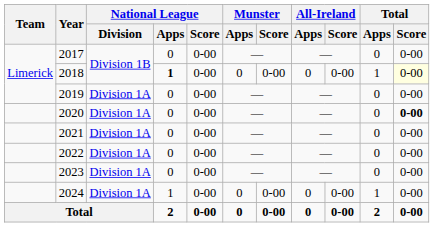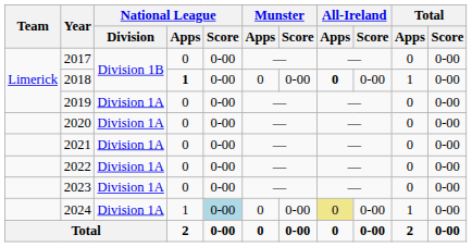 <table class="wikitable" style="text-align:center">
 <tr>
 <th rowspan="2">Team</th>
 <th rowspan="2">Year</th>
 <th colspan="3"><a href='#'>National League</a></th>
 <th colspan="2"><a href='#'>Munster</a></th>
 <th colspan="2"><a href='#'>All-Ireland</a></th>
 <th colspan="2">Total</th>
 </tr>
 <tr>
 <th>Division</th>
 <th>Apps</th>
 <th>Score</th>
 <th>Apps</th>
 <th>Score</th>
 <th>Apps</th>
 <th>Score</th>
 <th>Apps</th>
 <th>Score</th>
 </tr>
 <tr>
 <td rowspan="3"><a href='#'>Limerick</a></td>
 <td>2017</td>
 <td rowspan="2"><a href='#'>Division 1B</a></td>
 <td>0</td>
 <td>0-00</td>
 <td colspan=2>—</td>
 <td colspan=2>—</td>
 <td>0</td>
 <td>0-00</td>
 </tr>
 <tr>
 <td>2018</td>
 <td><strong>1</strong></td>
 <td>0-00</td>
 <td>0</td>
 <td>0-00</td>
-<td>0</td>
+<td><strong>0</strong></td>
 <td>0-00</td>
 <td>1</td>
-<td style="background: lightyellow;">0-00</td>
+<td>0-00</td>
 </tr>
 <tr>
 <td>2019</td>
 <td rowspan="1"><a href='#'>Division 1A</a></td>
 <td>0</td>
 <td>0-00</td>
 <td colspan=2>—</td>
 <td colspan=2>—</td>
 <td>0</td>
 <td>0-00</td>
 </tr>
 <tr>
 <td></td>
 <td>2020</td>
 <td rowspan="1"><a href='#'>Division 1A</a></td>
 <td>0</td>
 <td>0-00</td>
 <td colspan=2>—</td>
 <td colspan=2>—</td>
 <td>0</td>
-<td><strong>0-00</strong></td>
+<td>0-00</td>
 </tr>
 <tr>
 <td></td>
 <td>2021</td>
 <td rowspan="1"><a href='#'>Division 1A</a></td>
 <td>0</td>
 <td>0-00</td>
 <td colspan=2>—</td>
 <td colspan=2>—</td>
 <td>0</td>
 <td>0-00</td>
 </tr>
 <tr>
 <td></td>
 <td>2022</td>
 <td rowspan="1"><a href='#'>Division 1A</a></td>
 <td>0</td>
 <td>0-00</td>
 <td colspan=2>—</td>
 <td colspan=2>—</td>
 <td>0</td>
 <td>0-00</td>
 </tr>
 <tr>
 <td></td>
 <td>2023</td>
 <td rowspan="1"><a href='#'>Division 1A</a></td>
 <td>0</td>
 <td>0-00</td>
 <td colspan=2>—</td>
 <td colspan=2>—</td>
 <td>0</td>
 <td>0-00</td>
 </tr>
 <tr>
 <td></td>
 <td>2024</td>
 <td rowspan="1"><a href='#'>Division 1A</a></td>
 <td>1</td>
-<td>0-00</td>
+<td style="background: lightblue;">0-00</td>
 <td>0</td>
 <td>0-00</td>
-<td>0</td>
+<td style="background: khaki;">0</td>
 <td>0-00</td>
 <td>1</td>
 <td>0-00</td>
 </tr>
 <tr>
 <th colspan="3">Total</th>
 <td><strong>2</strong></td>
 <td><strong>0-00</strong></td>
 <td><strong>0</strong></td>
 <td><strong>0-00</strong></td>
 <td><strong>0</strong></td>
 <td><strong>0-00</strong></td>
 <td><strong>2</strong></td>
 <td><strong>0-00</strong></td>
 </tr>
 </table>
